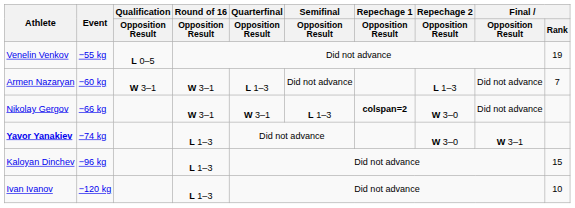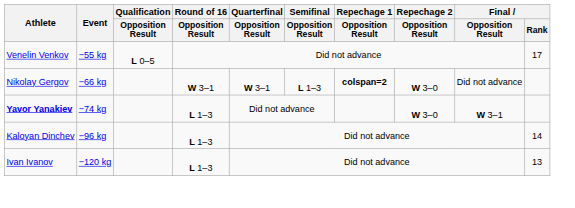 <table class="wikitable" style="font-size:90%">
 <tr>
 <th rowspan="2">Athlete</th>
 <th rowspan="2">Event</th>
 <th>Qualification</th>
 <th>Round of 16</th>
 <th>Quarterfinal</th>
 <th>Semifinal</th>
 <th>Repechage 1</th>
 <th>Repechage 2</th>
 <th colspan=2>Final / </th>
 </tr>
 <tr style="font-size: 95%">
 <th>Opposition<br>Result</th>
 <th>Opposition<br>Result</th>
 <th>Opposition<br>Result</th>
 <th>Opposition<br>Result</th>
 <th>Opposition<br>Result</th>
 <th>Opposition<br>Result</th>
 <th>Opposition<br>Result</th>
 <th>Rank</th>
 </tr>
 <tr align=center>
 <td align=left><a href='#'>Venelin Venkov</a></td>
 <td align=left><a href='#'>−55 kg</a></td>
 <td> <br><strong>L</strong> 0–5 <sup></sup></td>
 <td colspan=6>Did not advance</td>
-<td>19</td>
-</tr>
-<tr align=center>
-<td align=left><a href='#'>Armen Nazaryan</a></td>
-<td align=left><a href='#'>−60 kg</a></td>
-<td> <br><strong>W</strong> 3–1 <sup></sup></td>
-<td> <br><strong>W</strong> 3–1 <sup></sup></td>
-<td> <br><strong>L</strong> 1–3 <sup></sup></td>
-<td>Did not advance</td>
-<td></td>
-<td align=center> <br><strong>L</strong> 1–3 <sup></sup></td>
-<td>Did not advance</td>
-<td>7</td>
+<td>17</td>
 </tr>
 <tr align=center>
 <td align=left><a href='#'>Nikolay Gergov</a></td>
 <td align=left><a href='#'>−66 kg</a></td>
 <td></td>
 <td> <br><strong>W</strong> 3–1 <sup></sup></td>
 <td> <br><strong>W</strong> 3–1 <sup></sup></td>
 <td> <br><strong>L</strong> 1–3 <sup></sup></td>
 <td><strong>colspan=2 </strong></td>
 <td><br><strong>W</strong> 3–0 <sup></sup></td>
 <td>Did not advance</td>
 </tr>
 <tr align=center>
 <td align=left><strong><a href='#'>Yavor Yanakiev</a></strong></td>
 <td align=left><a href='#'>−74 kg</a></td>
 <td></td>
 <td> <br><strong>L</strong> 1–3 <sup></sup></td>
 <td colspan=2>Did not advance</td>
 <td></td>
 <td><br><strong>W</strong> 3–0 <sup></sup></td>
 <td><br><strong>W</strong> 3–1 <sup></sup></td>
 <td></td>
 </tr>
 <tr align=center>
 <td align=left><a href='#'>Kaloyan Dinchev</a></td>
 <td align=left><a href='#'>−96 kg</a></td>
 <td></td>
 <td><br><strong>L</strong> 1–3 <sup></sup></td>
 <td colspan=5>Did not advance</td>
-<td>15</td>
+<td>14</td>
 </tr>
 <tr align=center>
 <td align=left><a href='#'>Ivan Ivanov</a></td>
 <td align=left><a href='#'>−120 kg</a></td>
 <td></td>
 <td> <br><strong>L</strong> 1–3 <sup></sup></td>
 <td colspan=5>Did not advance</td>
-<td>10</td>
+<td>13</td>
 </tr>
 </table>
